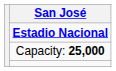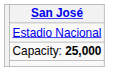 <table class=wikitable style="text-align:center">
 <tr>
 <th rowspan=4></th>
 <th><a href='#'>San José</a></th>
 </tr>
 <tr>
-<td><strong><a href='#'>Estadio Nacional</a></strong></td>
+<td><a href='#'>Estadio Nacional</a></td>
 </tr>
 <tr>
 <td>Capacity: <strong>25,000</strong></td>
 </tr>
 <tr>
 <td></td>
 </tr>
 </table>
